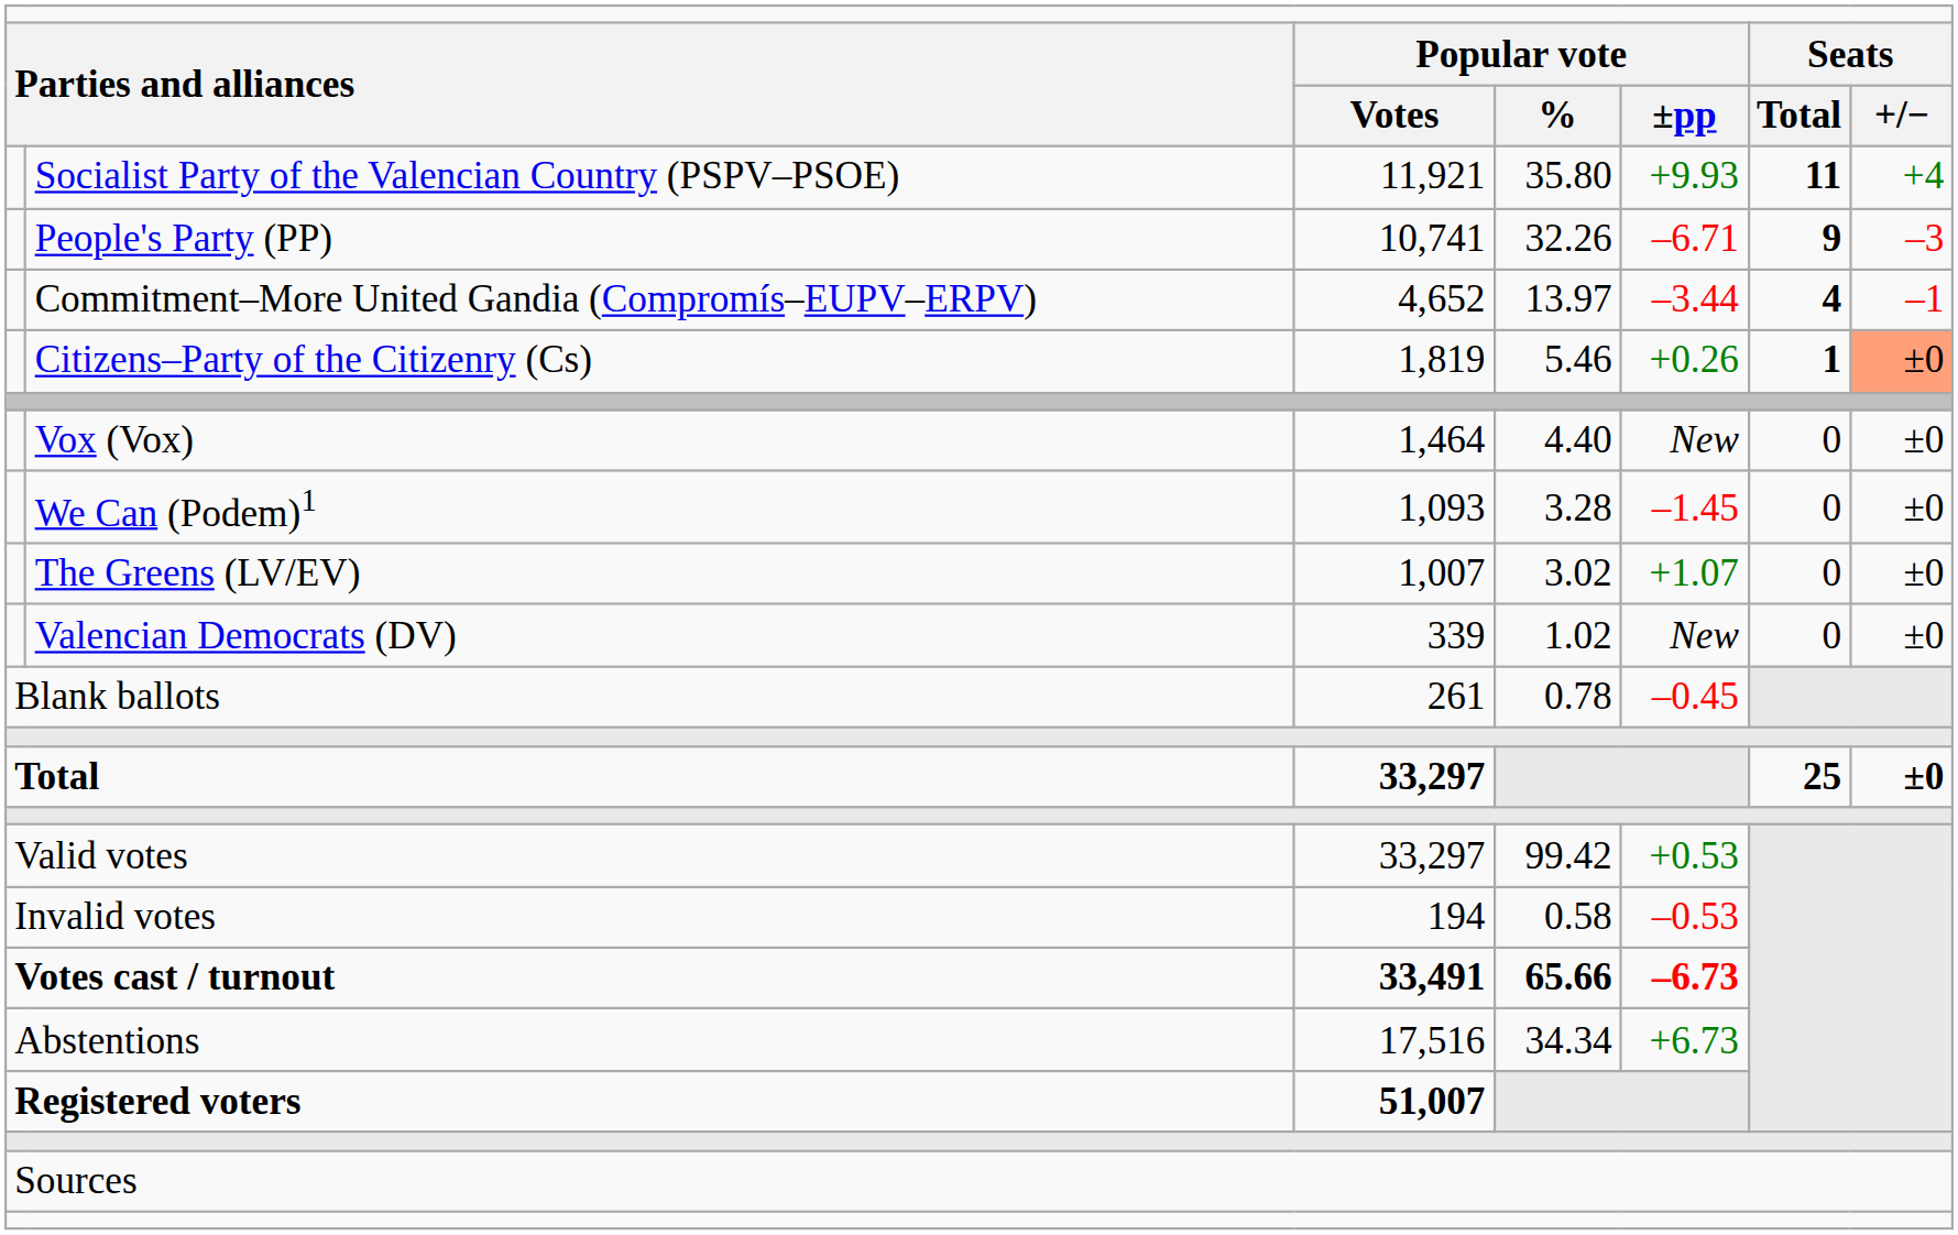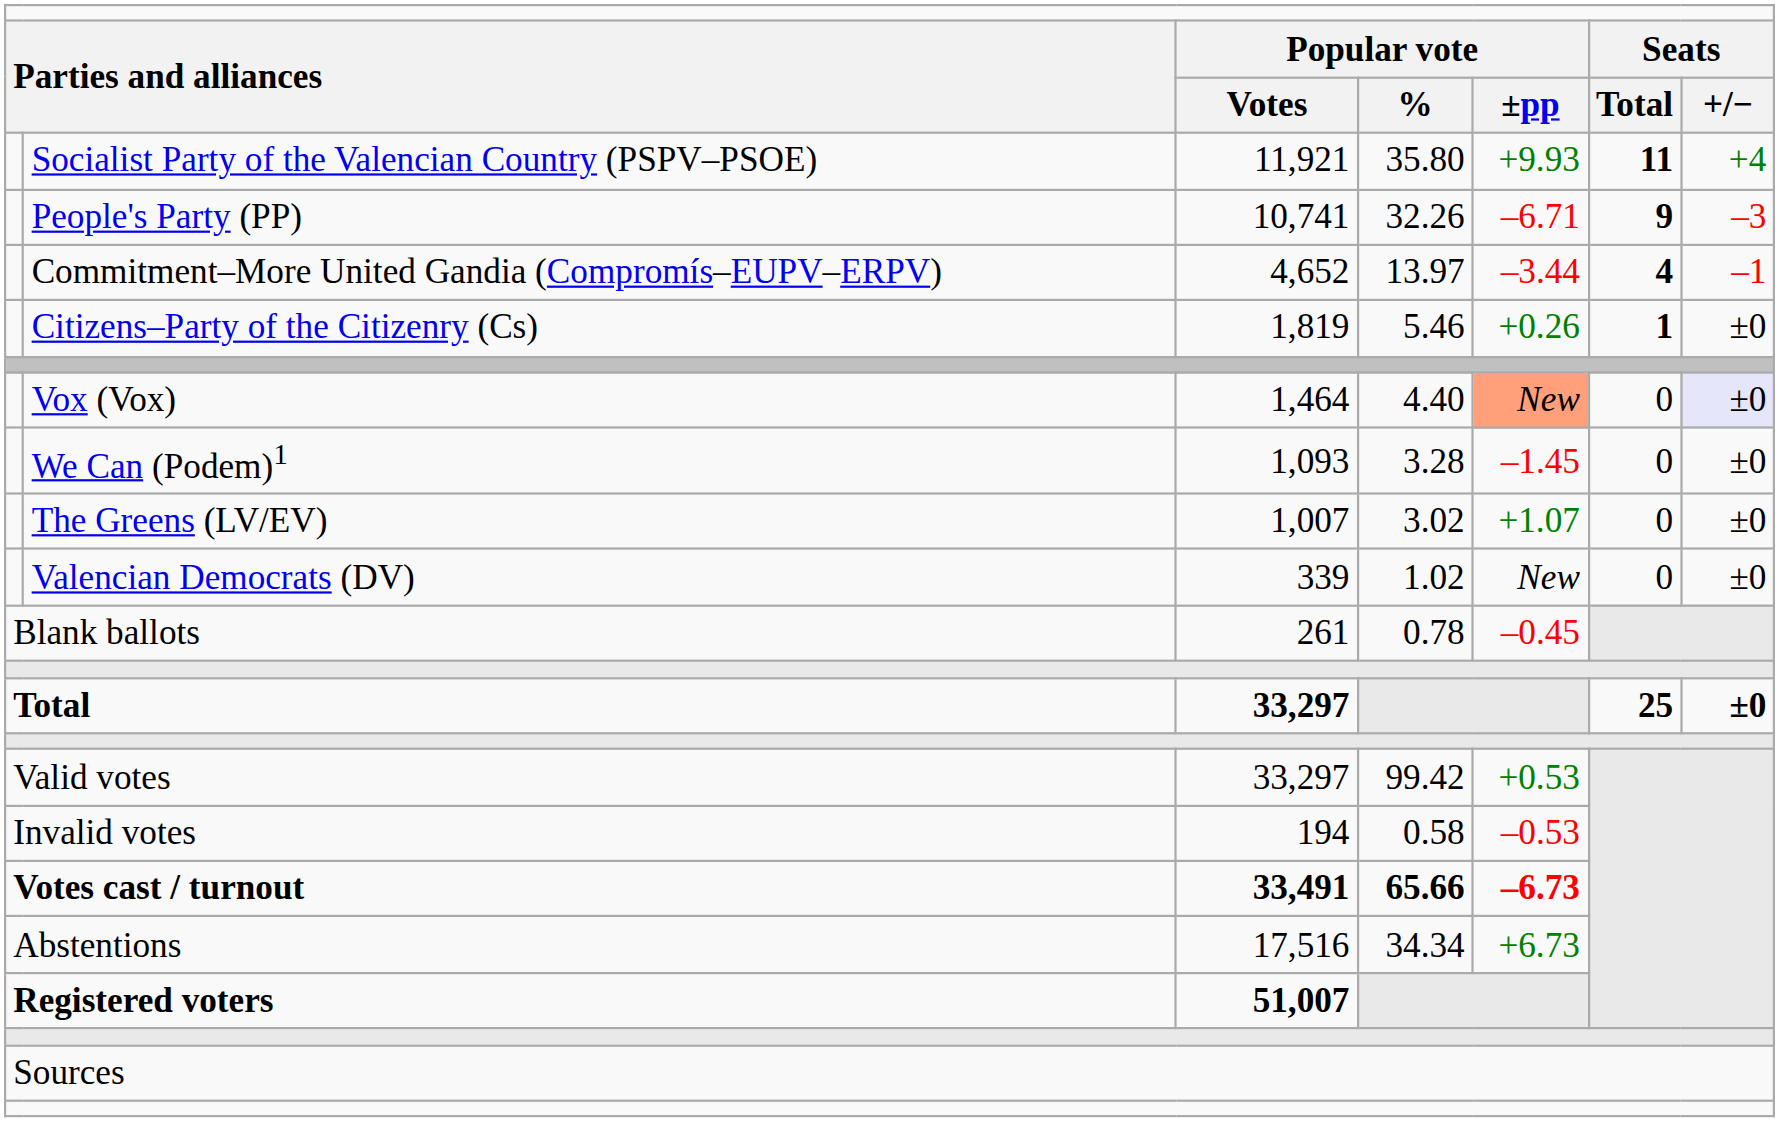 <table class="wikitable" style="text-align:right;">
 <tr>
 <td colspan="7"></td>
 </tr>
 <tr>
 <th style="text-align:left;" rowspan="2" colspan="2" width="525">Parties and alliances</th>
 <th colspan="3">Popular vote</th>
 <th colspan="2">Seats</th>
 </tr>
 <tr>
 <th width="75">Votes</th>
 <th width="45">%</th>
 <th width="45">±<a href='#'>pp</a></th>
 <th width="35">Total</th>
 <th width="35">+/−</th>
 </tr>
 <tr>
 <td width="1" style="color:inherit;background:"></td>
 <td align="left"><a href='#'>Socialist Party of the Valencian Country</a> (PSPV–PSOE)</td>
 <td>11,921</td>
 <td>35.80</td>
 <td style="color:green;">+9.93</td>
 <td><strong>11</strong></td>
 <td style="color:green;">+4</td>
 </tr>
 <tr>
 <td style="color:inherit;background:"></td>
 <td align="left"><a href='#'>People's Party</a> (PP)</td>
 <td>10,741</td>
 <td>32.26</td>
 <td style="color:red;">–6.71</td>
 <td><strong>9</strong></td>
 <td style="color:red;">–3</td>
 </tr>
 <tr>
 <td style="color:inherit;background:"></td>
 <td align="left">Commitment–More United Gandia (<a href='#'>Compromís</a>–<a href='#'>EUPV</a>–<a href='#'>ERPV</a>)</td>
 <td>4,652</td>
 <td>13.97</td>
 <td style="color:red;">–3.44</td>
 <td><strong>4</strong></td>
 <td style="color:red;">–1</td>
 </tr>
 <tr>
 <td style="color:inherit;background:"></td>
 <td align="left"><a href='#'>Citizens–Party of the Citizenry</a> (Cs)</td>
 <td>1,819</td>
 <td>5.46</td>
 <td style="color:green;">+0.26</td>
 <td><strong>1</strong></td>
-<td style="background: lightsalmon;">±0</td>
+<td>±0</td>
 </tr>
 <tr>
 <td colspan="7" bgcolor="#C0C0C0"></td>
 </tr>
 <tr>
 <td style="color:inherit;background:"></td>
 <td align="left"><a href='#'>Vox</a> (Vox)</td>
 <td>1,464</td>
 <td>4.40</td>
-<td><em>New</em></td>
+<td style="background: lightsalmon;"><em>New</em></td>
 <td>0</td>
-<td>±0</td>
+<td style="background: lavender;">±0</td>
 </tr>
 <tr>
 <td style="color:inherit;background:"></td>
 <td align="left"><a href='#'>We Can</a> (Podem)<sup>1</sup></td>
 <td>1,093</td>
 <td>3.28</td>
 <td style="color:red;">–1.45</td>
 <td>0</td>
 <td>±0</td>
 </tr>
 <tr>
 <td style="color:inherit;background:"></td>
 <td align="left"><a href='#'>The Greens</a> (LV/EV)</td>
 <td>1,007</td>
 <td>3.02</td>
 <td style="color:green;">+1.07</td>
 <td>0</td>
 <td>±0</td>
 </tr>
 <tr>
 <td style="color:inherit;background:"></td>
 <td align="left"><a href='#'>Valencian Democrats</a> (DV)</td>
 <td>339</td>
 <td>1.02</td>
 <td><em>New</em></td>
 <td>0</td>
 <td>±0</td>
 </tr>
 <tr>
 <td align="left" colspan="2">Blank ballots</td>
 <td>261</td>
 <td>0.78</td>
 <td style="color:red;">–0.45</td>
 <td bgcolor="#E9E9E9" colspan="2"></td>
 </tr>
 <tr>
 <td colspan="7" bgcolor="#E9E9E9"></td>
 </tr>
 <tr style="font-weight:bold;">
 <td align="left" colspan="2">Total</td>
 <td>33,297</td>
 <td bgcolor="#E9E9E9" colspan="2"></td>
 <td>25</td>
 <td>±0</td>
 </tr>
 <tr>
 <td colspan="7" bgcolor="#E9E9E9"></td>
 </tr>
 <tr>
 <td align="left" colspan="2">Valid votes</td>
 <td>33,297</td>
 <td>99.42</td>
 <td style="color:green;">+0.53</td>
 <td bgcolor="#E9E9E9" colspan="2" rowspan="5"></td>
 </tr>
 <tr>
 <td align="left" colspan="2">Invalid votes</td>
 <td>194</td>
 <td>0.58</td>
 <td style="color:red;">–0.53</td>
 </tr>
 <tr style="font-weight:bold;">
 <td align="left" colspan="2">Votes cast / turnout</td>
 <td>33,491</td>
 <td>65.66</td>
 <td style="color:red;">–6.73</td>
 </tr>
 <tr>
 <td align="left" colspan="2">Abstentions</td>
 <td>17,516</td>
 <td>34.34</td>
 <td style="color:green;">+6.73</td>
 </tr>
 <tr style="font-weight:bold;">
 <td align="left" colspan="2">Registered voters</td>
 <td>51,007</td>
 <td bgcolor="#E9E9E9" colspan="2"></td>
 </tr>
 <tr>
 <td colspan="7" bgcolor="#E9E9E9"></td>
 </tr>
 <tr>
 <td align="left" colspan="7">Sources</td>
 </tr>
 <tr>
 <td colspan="7" style="text-align:left; max-width:790px;"></td>
 </tr>
 </table>
